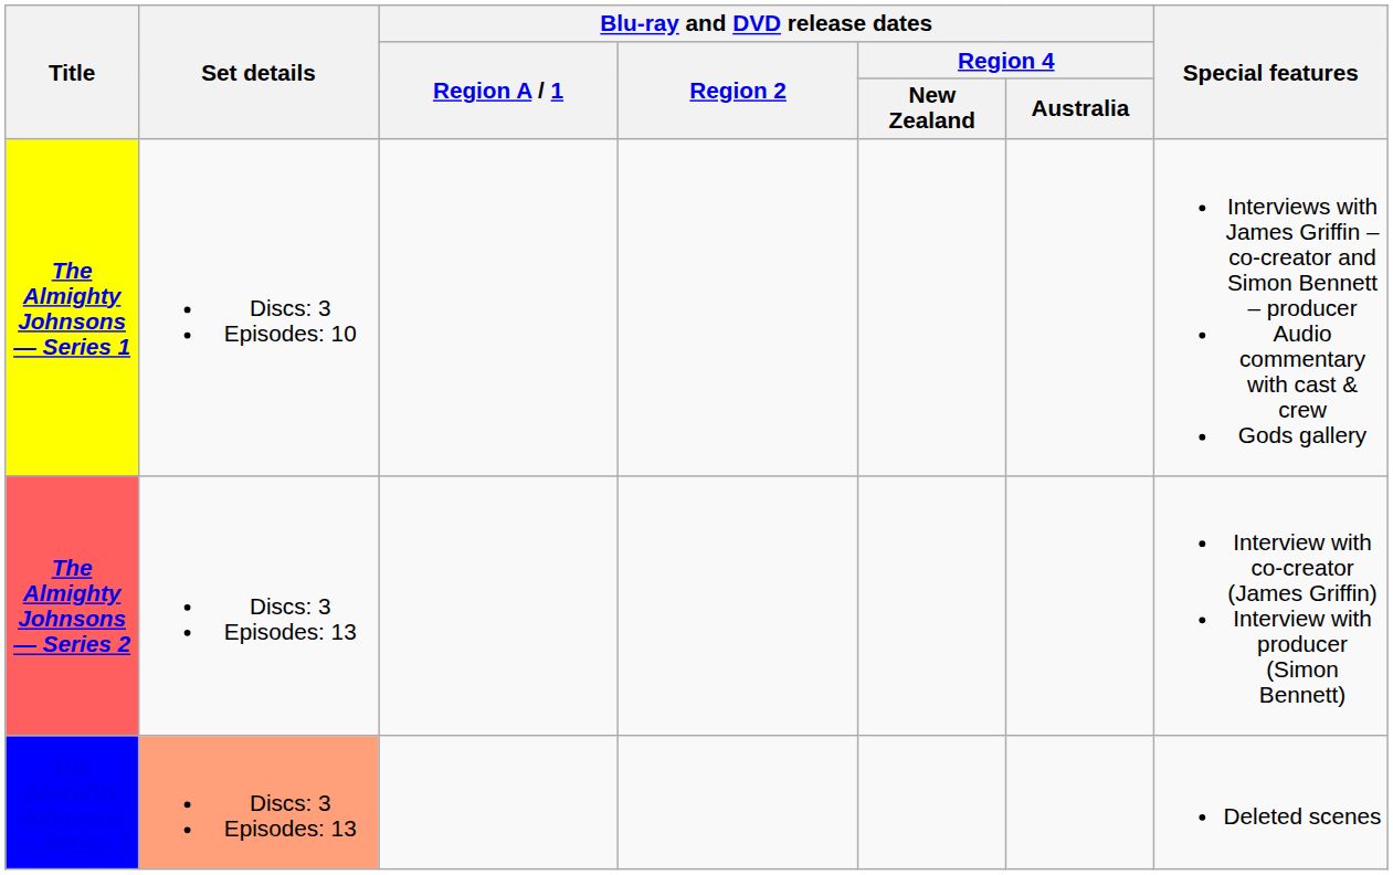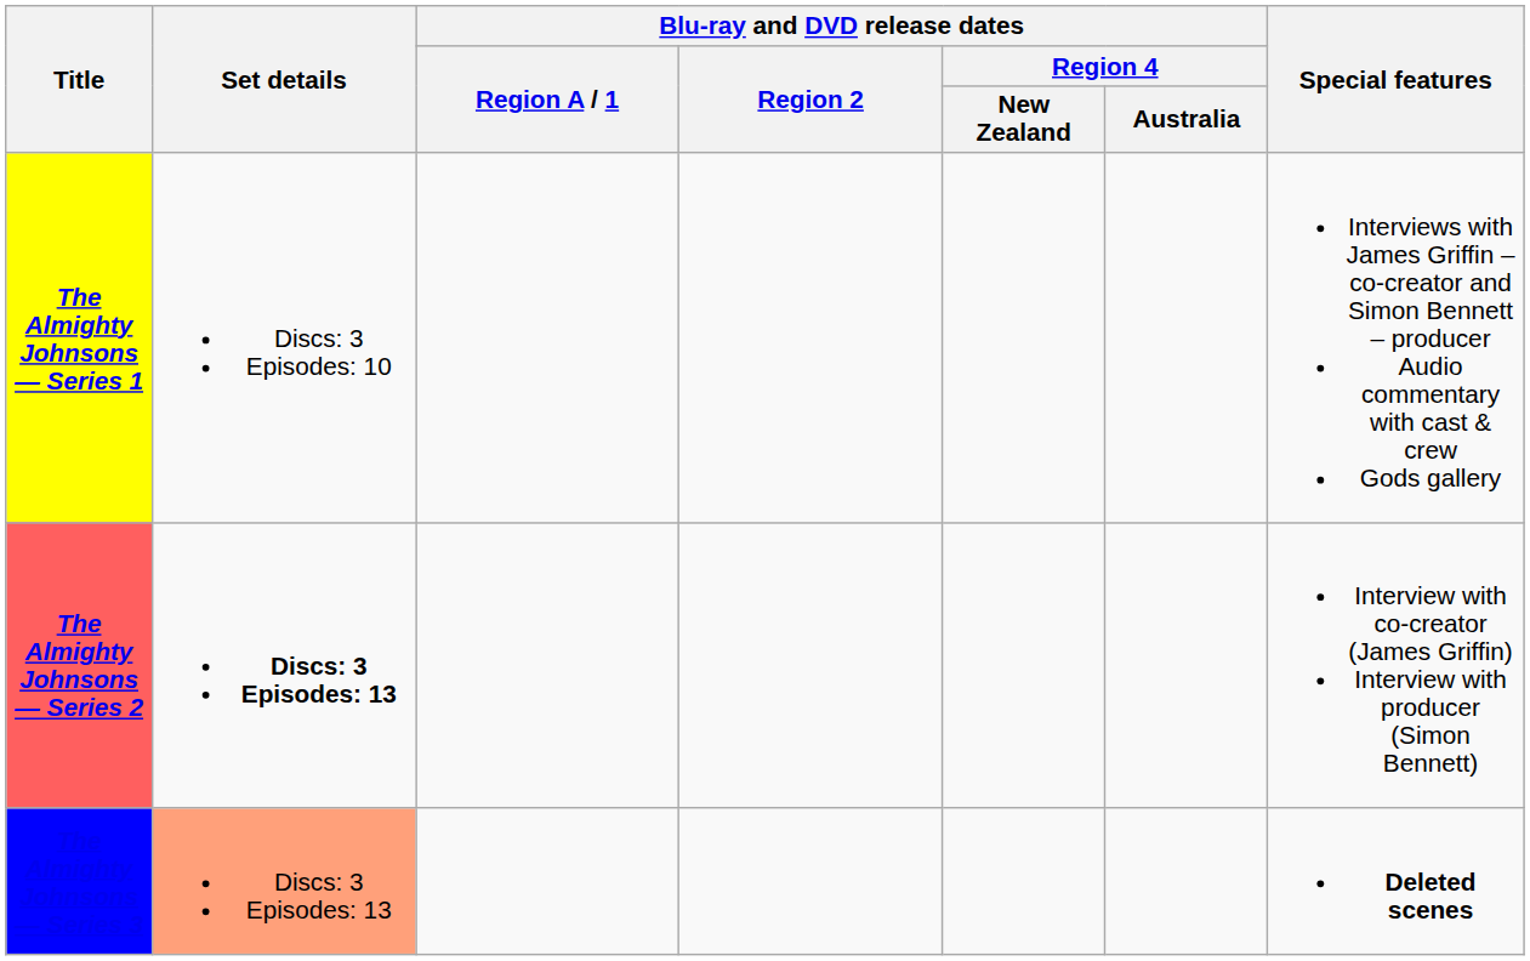 <table class="wikitable plainrowheaders" style="font-size:90%; text-align: center">
 <tr>
 <th scope="col" rowspan="3">Title</th>
 <th scope="col" rowspan="3" style="width: 10em;">Set details</th>
 <th scope="col" colspan="4"><a href='#'>Blu-ray</a> and <a href='#'>DVD</a> release dates</th>
 <th scope="col" rowspan="3">Special features</th>
 </tr>
 <tr>
 <th scope="col" rowspan="2" style="width: 10em; font-size: 100%;"><a href='#'>Region A</a> / <a href='#'>1</a></th>
 <th scope="col" rowspan="2" style="width: 10em; font-size: 100%;"><a href='#'>Region 2</a></th>
 <th scope="col" style="width: 12em; font-size: 100%;" colspan="2"><a href='#'>Region 4</a></th>
 </tr>
 <tr>
 <th scope="col" style="width: 6em; font-size: 100%;">New Zealand</th>
 <th scope="col" style="width: 6em; font-size: 100%;">Australia</th>
 </tr>
 <tr>
 <th scope="row" style="text-align:center; background:#FFFF00;"><em><a href='#'><span>The Almighty Johnsons — Series 1</span></a></em></th>
 <td><br><ul><li>Discs: 3</li><li>Episodes: 10</li></ul></td>
 <td></td>
 <td></td>
 <td></td>
 <td></td>
 <td><br><ul><li>Interviews with James Griffin – co-creator and Simon Bennett – producer</li><li>Audio commentary with cast & crew</li><li>Gods gallery</li></ul></td>
 </tr>
 <tr>
 <th scope="row" style="text-align:center; background:#FF5F5F;"><em><a href='#'><span>The Almighty Johnsons — Series 2</span></a></em></th>
-<td><br><ul><li>Discs: 3</li><li>Episodes: 13</li></ul></td>
+<td><strong><br><ul><li>Discs: 3</li><li>Episodes: 13</li></ul></strong></td>
 <td></td>
 <td></td>
 <td></td>
 <td></td>
 <td><br><ul><li>Interview with co-creator (James Griffin)</li><li>Interview with producer (Simon Bennett)</li></ul></td>
 </tr>
 <tr>
 <th scope="row" style="text-align:center; background:#0000FF;"><em><a href='#'><span>The Almighty Johnsons — Series 3</span></a></em></th>
 <td style="background: lightsalmon;"><br><ul><li>Discs: 3</li><li>Episodes: 13</li></ul></td>
 <td></td>
 <td></td>
 <td></td>
 <td></td>
-<td><br><ul><li>Deleted scenes</li></ul></td>
+<td><strong><br><ul><li>Deleted scenes</li></ul></strong></td>
 </tr>
 </table>
